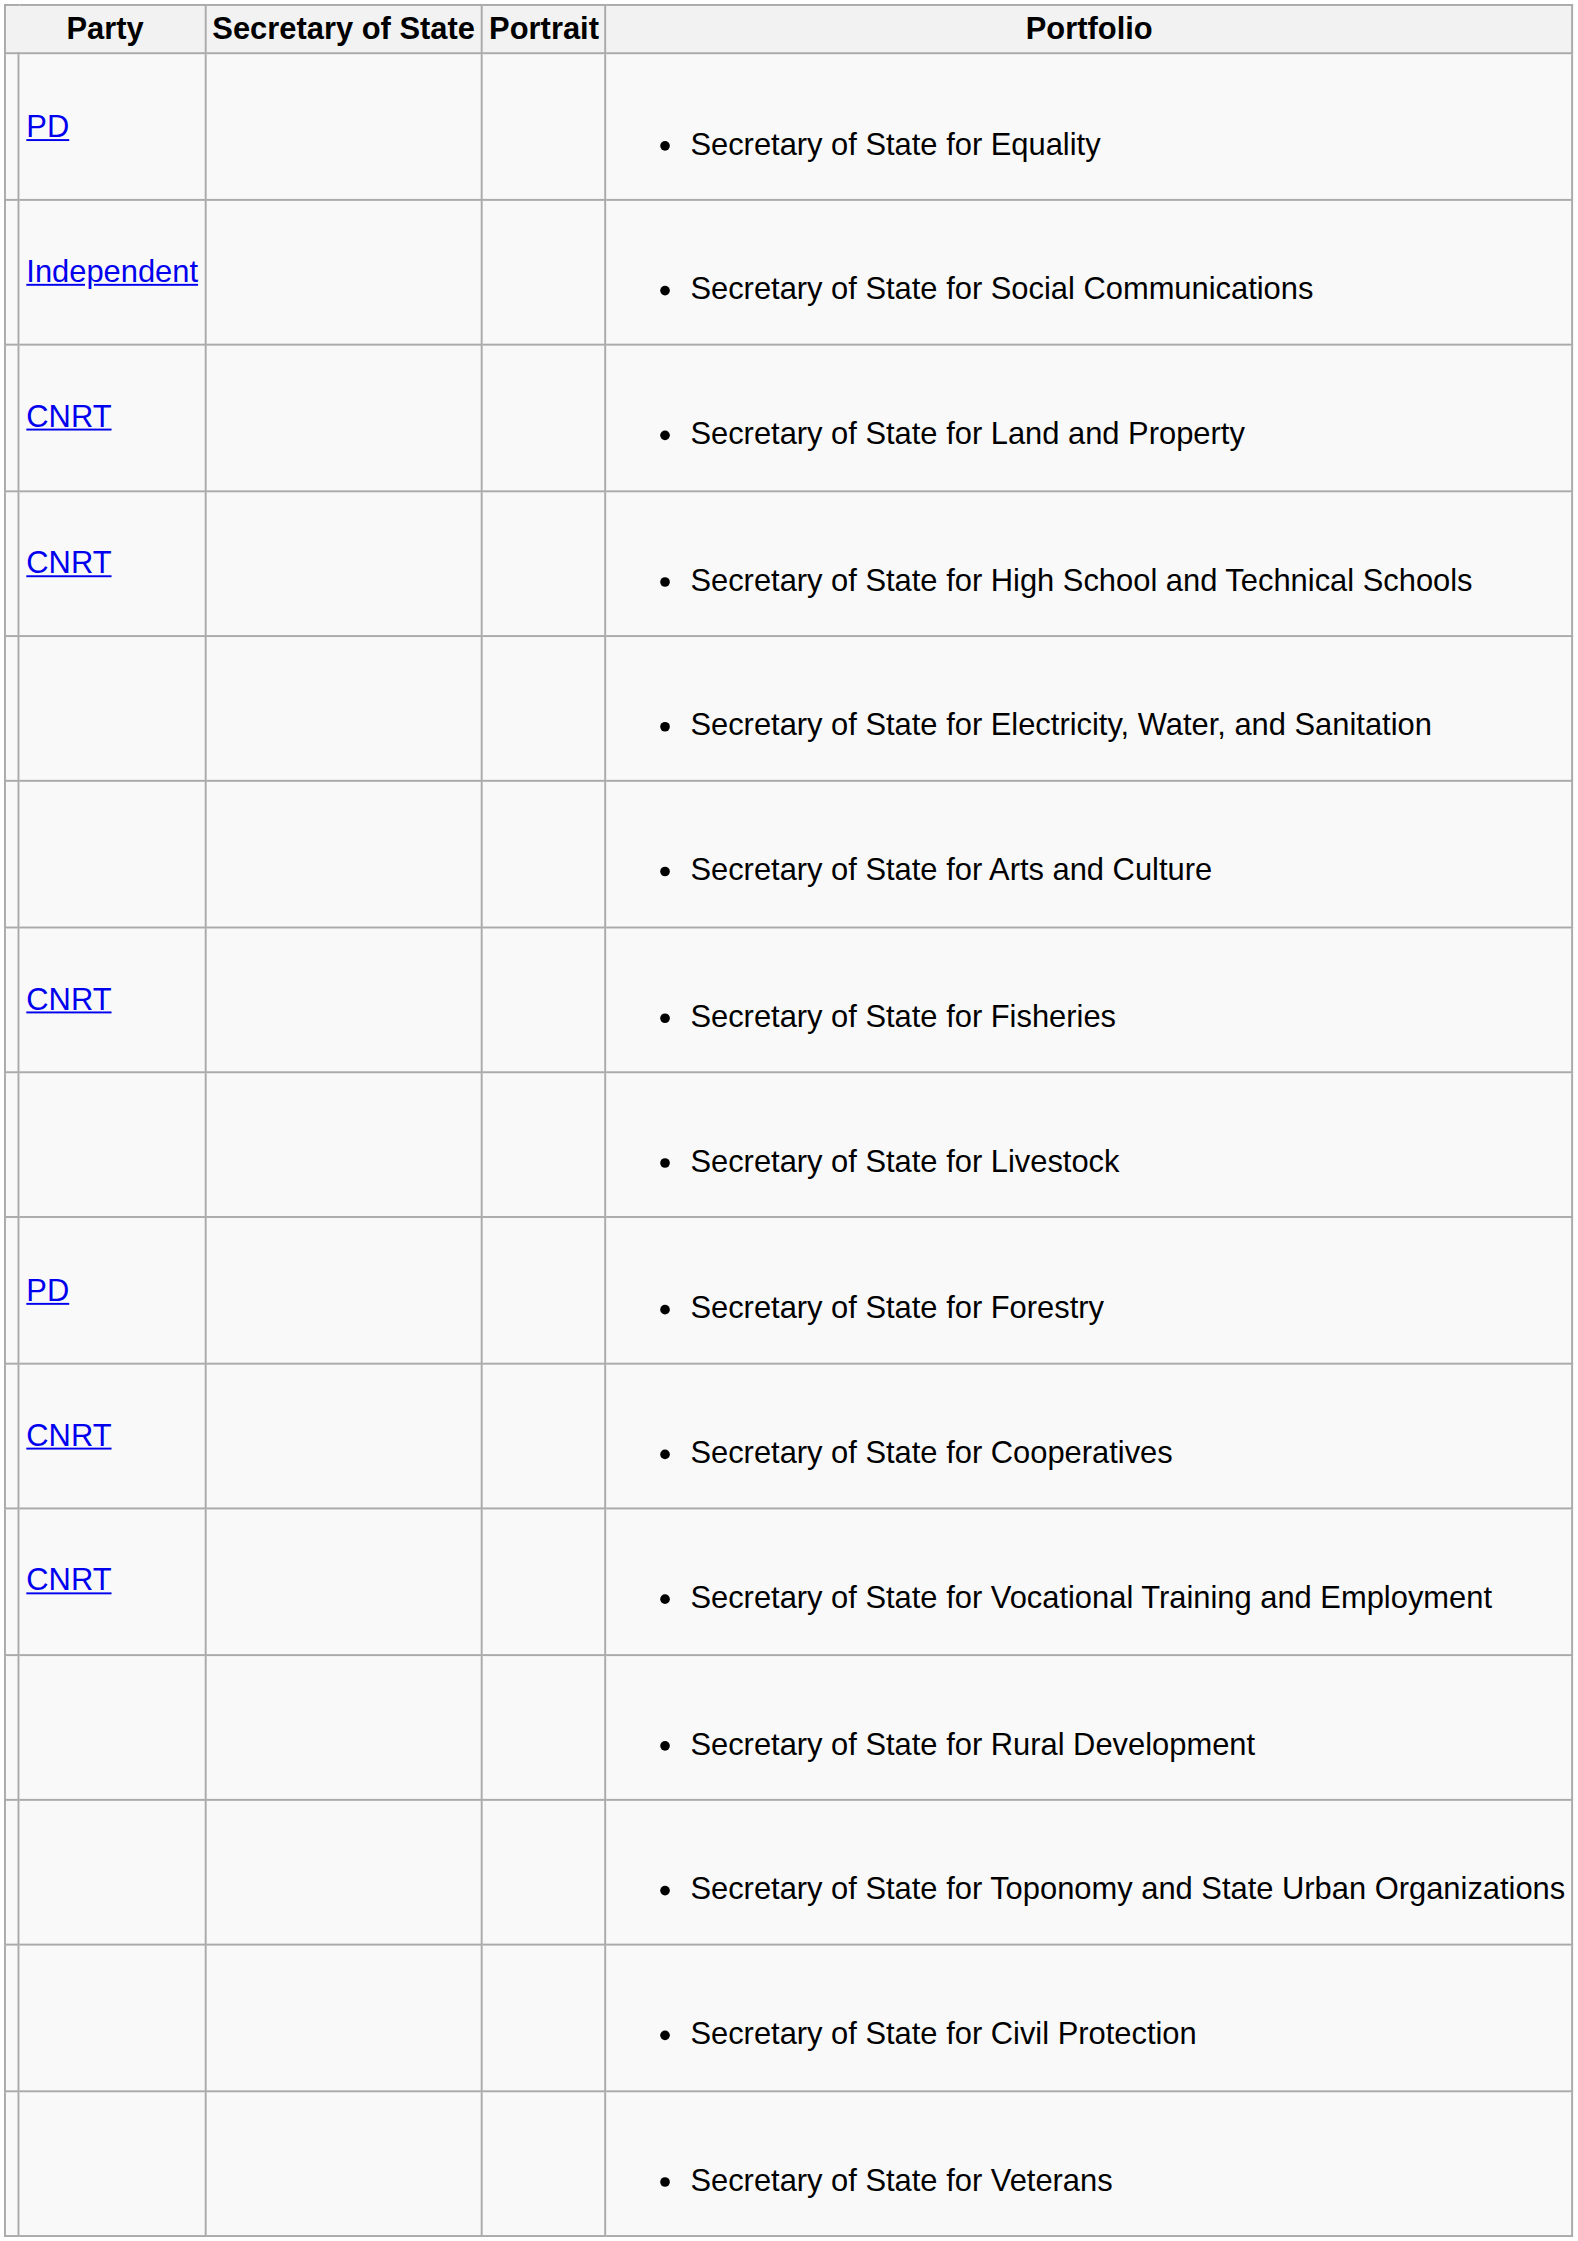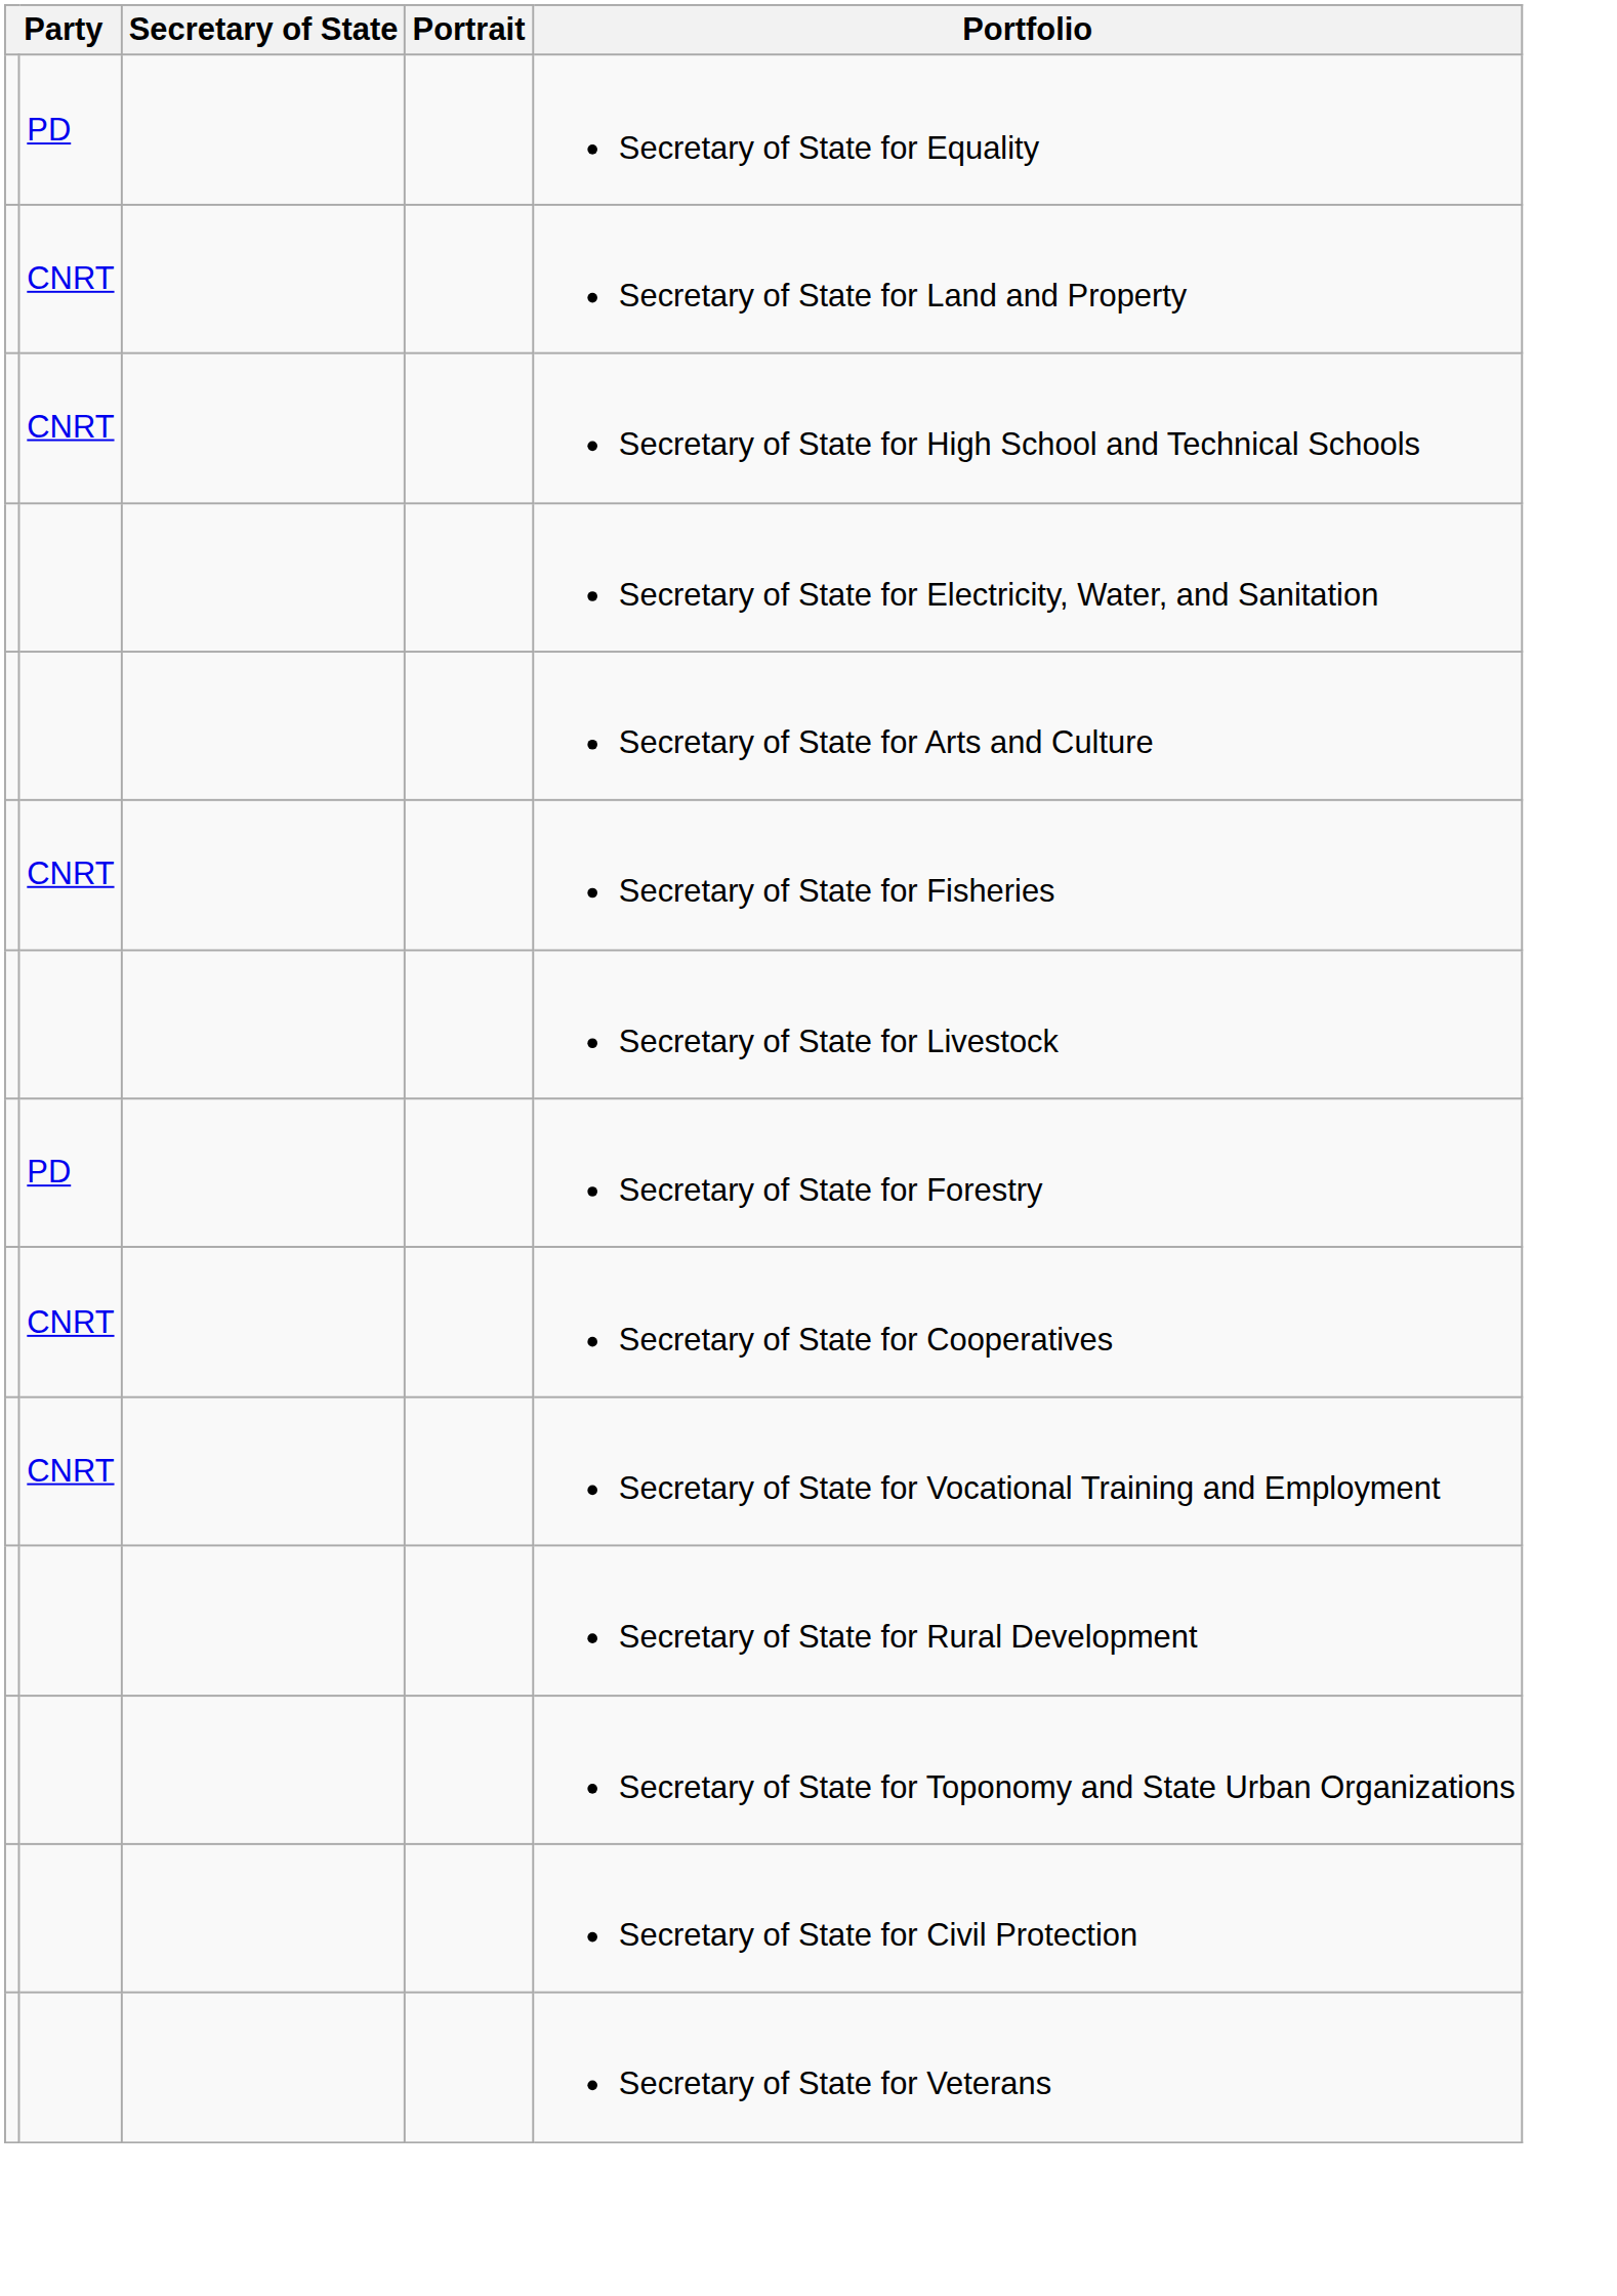 <table class="wikitable sortable">
 <tr>
 <th colspan="2">Party</th>
 <th>Secretary of State</th>
 <th>Portrait</th>
 <th>Portfolio</th>
 </tr>
 <tr>
 <td style="background:"></td>
 <td><a href='#'>PD</a></td>
 <td></td>
 <td></td>
 <td><br><ul><li>Secretary of State for Equality</li></ul></td>
-</tr>
-<tr>
-<td style="background:"></td>
-<td><a href='#'>Independent</a></td>
-<td></td>
-<td></td>
-<td><br><ul><li>Secretary of State for Social Communications</li></ul></td>
 </tr>
 <tr>
 <td style="background:"></td>
 <td><a href='#'>CNRT</a></td>
 <td></td>
 <td></td>
 <td><br><ul><li>Secretary of State for Land and Property</li></ul></td>
 </tr>
 <tr>
 <td style="background:"></td>
 <td><a href='#'>CNRT</a></td>
 <td></td>
 <td></td>
 <td><br><ul><li>Secretary of State for High School and Technical Schools</li></ul></td>
 </tr>
 <tr>
 <td></td>
 <td></td>
 <td></td>
 <td></td>
 <td><br><ul><li>Secretary of State for Electricity, Water, and Sanitation</li></ul></td>
 </tr>
 <tr>
 <td></td>
 <td></td>
 <td></td>
 <td></td>
 <td><br><ul><li>Secretary of State for Arts and Culture</li></ul></td>
 </tr>
 <tr>
 <td style="background:"></td>
 <td><a href='#'>CNRT</a></td>
 <td></td>
 <td></td>
 <td><br><ul><li>Secretary of State for Fisheries</li></ul></td>
 </tr>
 <tr>
 <td></td>
 <td></td>
 <td></td>
 <td></td>
 <td><br><ul><li>Secretary of State for Livestock</li></ul></td>
 </tr>
 <tr>
 <td style="background:"></td>
 <td><a href='#'>PD</a></td>
 <td></td>
 <td></td>
 <td><br><ul><li>Secretary of State for Forestry</li></ul></td>
 </tr>
 <tr>
 <td style="background:"></td>
 <td><a href='#'>CNRT</a></td>
 <td></td>
 <td></td>
 <td><br><ul><li>Secretary of State for Cooperatives</li></ul></td>
 </tr>
 <tr>
 <td style="background:"></td>
 <td><a href='#'>CNRT</a></td>
 <td></td>
 <td></td>
 <td><br><ul><li>Secretary of State for Vocational Training and Employment</li></ul></td>
 </tr>
 <tr>
 <td></td>
 <td></td>
 <td></td>
 <td></td>
 <td><br><ul><li>Secretary of State for Rural Development</li></ul></td>
 </tr>
 <tr>
 <td></td>
 <td></td>
 <td></td>
 <td></td>
 <td><br><ul><li>Secretary of State for Toponomy and State Urban Organizations</li></ul></td>
 </tr>
 <tr>
 <td></td>
 <td></td>
 <td></td>
 <td></td>
 <td><br><ul><li>Secretary of State for Civil Protection</li></ul></td>
 </tr>
 <tr>
 <td></td>
 <td></td>
 <td></td>
 <td></td>
 <td><br><ul><li>Secretary of State for Veterans</li></ul></td>
 </tr>
 </table>
